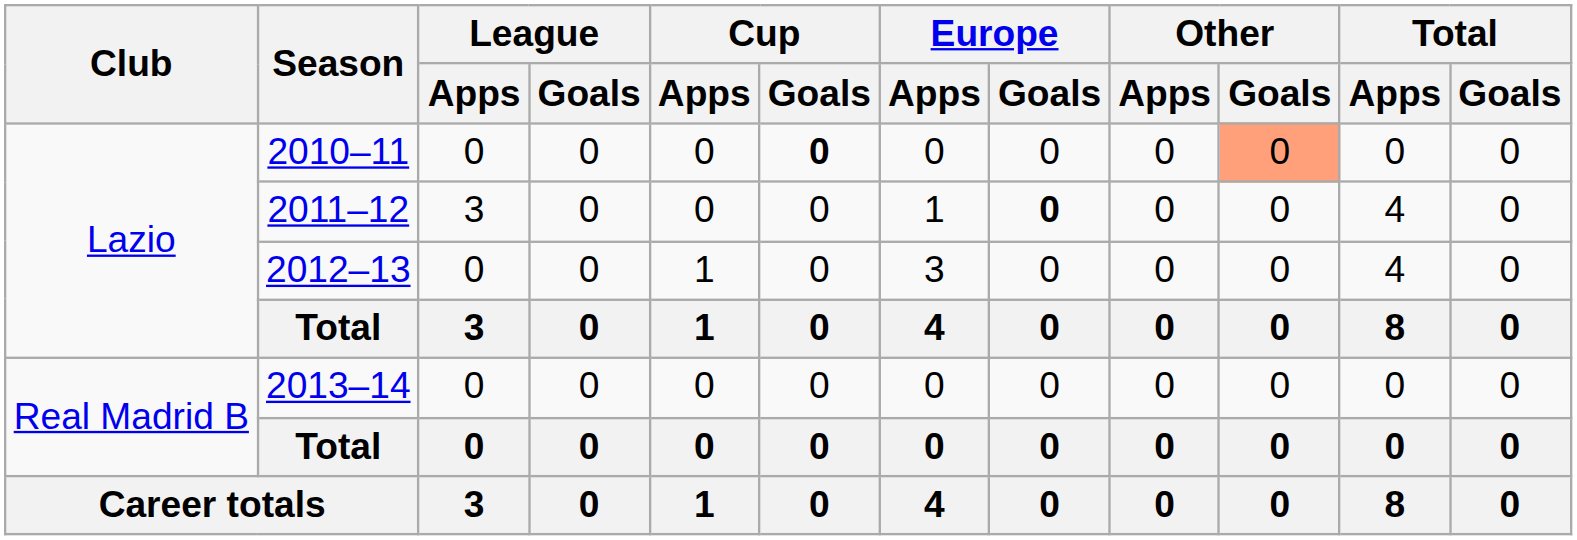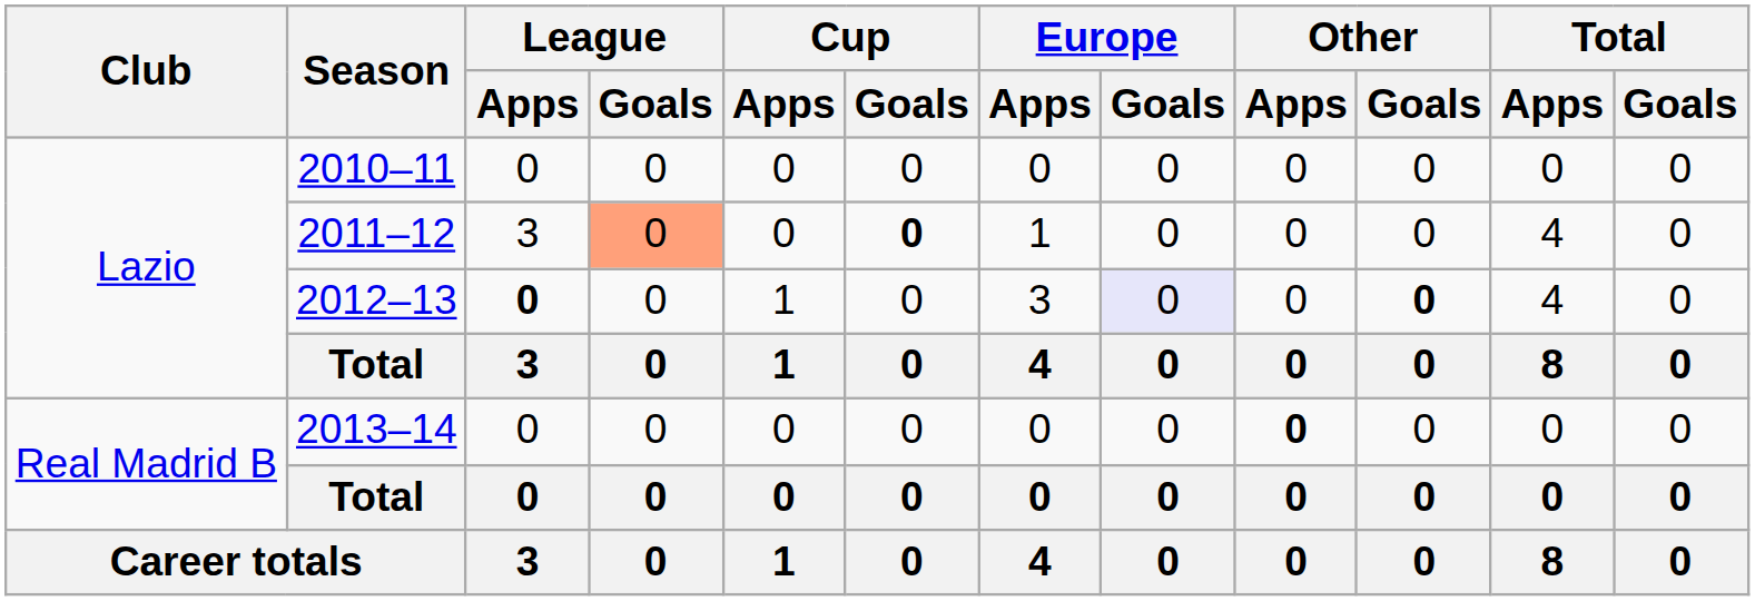 <table class="wikitable" style="text-align: center;">
 <tr>
 <th rowspan="2">Club</th>
 <th rowspan="2">Season</th>
 <th colspan="2">League</th>
 <th colspan="2">Cup</th>
 <th colspan="2"><a href='#'>Europe</a></th>
 <th colspan="2">Other</th>
 <th colspan="2">Total</th>
 </tr>
 <tr>
 <th>Apps</th>
 <th>Goals</th>
 <th>Apps</th>
 <th>Goals</th>
 <th>Apps</th>
 <th>Goals</th>
 <th>Apps</th>
 <th>Goals</th>
 <th>Apps</th>
 <th>Goals</th>
 </tr>
 <tr>
 <td rowspan="4"><a href='#'>Lazio</a></td>
 <td><a href='#'>2010–11</a></td>
 <td>0</td>
 <td>0</td>
 <td>0</td>
-<td><strong>0</strong></td>
 <td>0</td>
 <td>0</td>
 <td>0</td>
-<td style="background: lightsalmon;">0</td>
+<td>0</td>
+<td>0</td>
 <td>0</td>
 <td>0</td>
 </tr>
 <tr>
 <td><a href='#'>2011–12</a></td>
 <td>3</td>
+<td style="background: lightsalmon;">0</td>
 <td>0</td>
+<td><strong>0</strong></td>
+<td>1</td>
 <td>0</td>
-<td>0</td>
-<td>1</td>
-<td><strong>0</strong></td>
 <td>0</td>
 <td>0</td>
 <td>4</td>
 <td>0</td>
 </tr>
 <tr>
 <td><a href='#'>2012–13</a></td>
-<td>0</td>
+<td><strong>0</strong></td>
 <td>0</td>
 <td>1</td>
 <td>0</td>
 <td>3</td>
+<td style="background: lavender;">0</td>
 <td>0</td>
-<td>0</td>
-<td>0</td>
+<td><strong>0</strong></td>
 <td>4</td>
 <td>0</td>
 </tr>
 <tr>
 <th>Total</th>
 <th>3</th>
 <th>0</th>
 <th>1</th>
 <th>0</th>
 <th>4</th>
 <th>0</th>
 <th>0</th>
 <th>0</th>
 <th>8</th>
 <th>0</th>
 </tr>
 <tr>
 <td rowspan="2"><a href='#'>Real Madrid B</a></td>
 <td><a href='#'>2013–14</a></td>
 <td>0</td>
 <td>0</td>
 <td>0</td>
 <td>0</td>
 <td>0</td>
 <td>0</td>
-<td>0</td>
+<td><strong>0</strong></td>
 <td>0</td>
 <td>0</td>
 <td>0</td>
 </tr>
 <tr>
 <th>Total</th>
 <th>0</th>
 <th>0</th>
 <th>0</th>
 <th>0</th>
 <th>0</th>
 <th>0</th>
 <th>0</th>
 <th>0</th>
 <th>0</th>
 <th>0</th>
 </tr>
 <tr>
 <th colspan="2">Career totals</th>
 <th>3</th>
 <th>0</th>
 <th>1</th>
 <th>0</th>
 <th>4</th>
 <th>0</th>
 <th>0</th>
 <th>0</th>
 <th>8</th>
 <th>0</th>
 </tr>
 </table>
